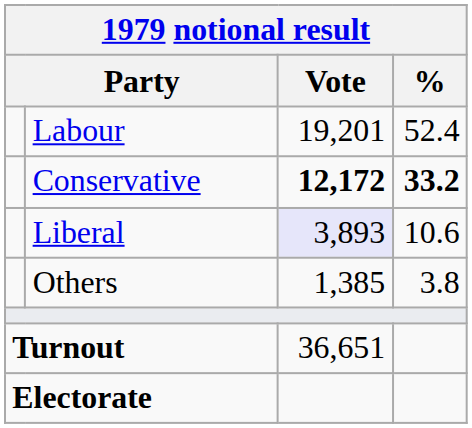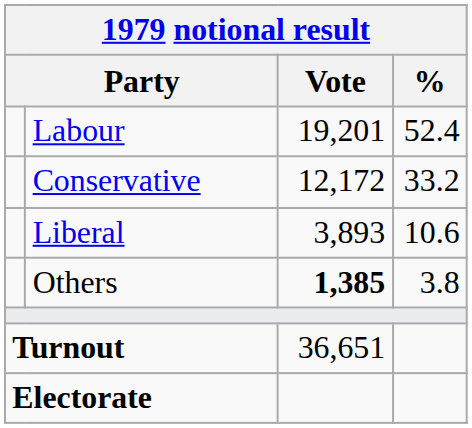 <table class="wikitable">
 <tr>
 <th colspan="4"><a href='#'>1979</a> <a href='#'>notional result</a></th>
 </tr>
 <tr>
 <th bgcolor="#DDDDFF" width="130px" colspan="2">Party</th>
 <th bgcolor="#DDDDFF" width="50px">Vote</th>
 <th bgcolor="#DDDDFF" width="30px">%</th>
 </tr>
 <tr>
 <td></td>
 <td><a href='#'>Labour</a></td>
 <td align=right>19,201</td>
 <td align=right>52.4</td>
 </tr>
 <tr>
 <td></td>
 <td><a href='#'>Conservative</a></td>
-<td align=right><strong>12,172</strong></td>
-<td align=right><strong>33.2</strong></td>
+<td align=right>12,172</td>
+<td align=right>33.2</td>
 </tr>
 <tr>
 <td></td>
 <td><a href='#'>Liberal</a></td>
-<td align=right style="background: lavender;">3,893</td>
+<td align=right>3,893</td>
 <td align=right>10.6</td>
 </tr>
 <tr>
 <td></td>
 <td>Others</td>
-<td align=right>1,385</td>
+<td align=right><strong>1,385</strong></td>
 <td align=right>3.8</td>
 </tr>
 <tr>
 <td colspan="4" bgcolor="#EAECF0"></td>
 </tr>
 <tr>
 <td colspan="2"><strong>Turnout</strong></td>
 <td align=right>36,651</td>
 <td align=right></td>
 </tr>
 <tr>
 <td colspan="2"><strong>Electorate</strong></td>
 <td align=right></td>
 </tr>
 </table>
